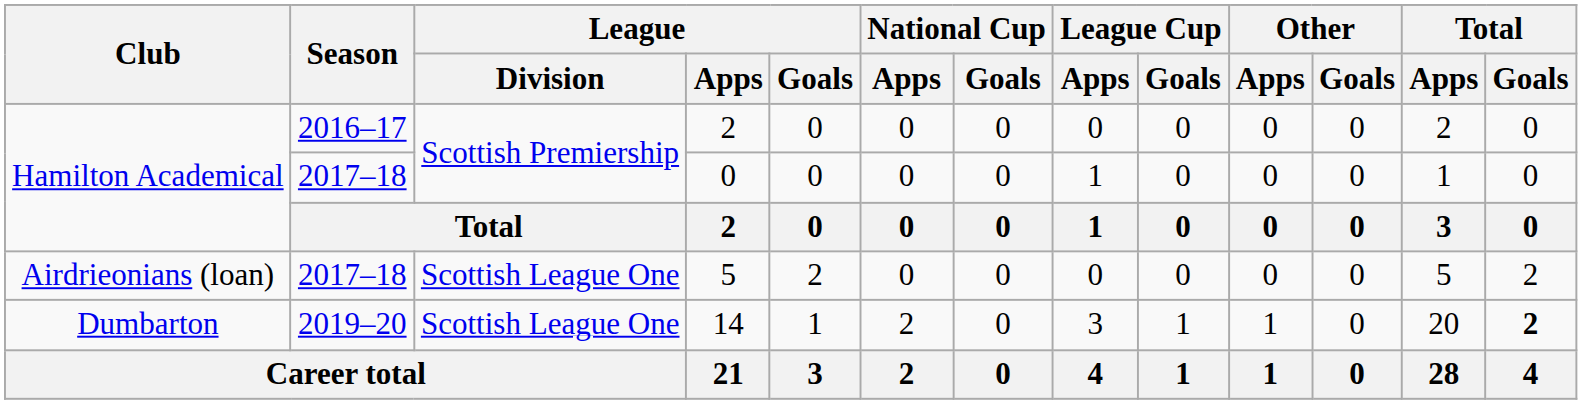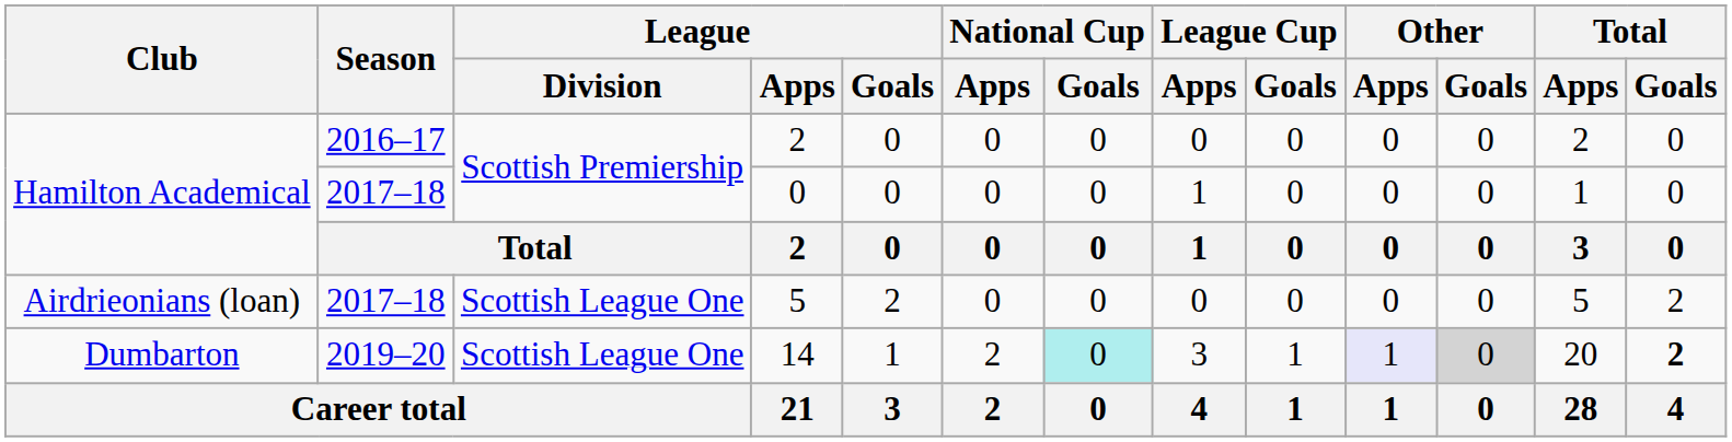 <table class="wikitable" style="text-align: center">
 <tr>
 <th rowspan="2">Club</th>
 <th rowspan="2">Season</th>
 <th colspan="3">League</th>
 <th colspan="2">National Cup</th>
 <th colspan="2">League Cup</th>
 <th colspan="2">Other</th>
 <th colspan="2">Total</th>
 </tr>
 <tr>
 <th>Division</th>
 <th>Apps</th>
 <th>Goals</th>
 <th>Apps</th>
 <th>Goals</th>
 <th>Apps</th>
 <th>Goals</th>
 <th>Apps</th>
 <th>Goals</th>
 <th>Apps</th>
 <th>Goals</th>
 </tr>
 <tr>
 <td rowspan="3"><a href='#'>Hamilton Academical</a></td>
 <td><a href='#'>2016–17</a></td>
 <td rowspan="2"><a href='#'>Scottish Premiership</a></td>
 <td>2</td>
 <td>0</td>
 <td>0</td>
 <td>0</td>
 <td>0</td>
 <td>0</td>
 <td>0</td>
 <td>0</td>
 <td>2</td>
 <td>0</td>
 </tr>
 <tr>
 <td><a href='#'>2017–18</a></td>
 <td>0</td>
 <td>0</td>
 <td>0</td>
 <td>0</td>
 <td>1</td>
 <td>0</td>
 <td>0</td>
 <td>0</td>
 <td>1</td>
 <td>0</td>
 </tr>
 <tr>
 <th colspan="2">Total</th>
 <th>2</th>
 <th>0</th>
 <th>0</th>
 <th>0</th>
 <th>1</th>
 <th>0</th>
 <th>0</th>
 <th>0</th>
 <th>3</th>
 <th>0</th>
 </tr>
 <tr>
 <td><a href='#'>Airdrieonians</a> (loan)</td>
 <td><a href='#'>2017–18</a></td>
 <td><a href='#'>Scottish League One</a></td>
 <td>5</td>
 <td>2</td>
 <td>0</td>
 <td>0</td>
 <td>0</td>
 <td>0</td>
 <td>0</td>
 <td>0</td>
 <td>5</td>
 <td>2</td>
 </tr>
 <tr>
 <td><a href='#'>Dumbarton</a></td>
 <td><a href='#'>2019–20</a></td>
 <td><a href='#'>Scottish League One</a></td>
 <td>14</td>
 <td>1</td>
 <td>2</td>
-<td>0</td>
+<td style="background: paleturquoise;">0</td>
 <td>3</td>
 <td>1</td>
-<td>1</td>
-<td>0</td>
+<td style="background: lavender;">1</td>
+<td style="background: lightgrey;">0</td>
 <td>20</td>
 <td><strong>2</strong></td>
 </tr>
 <tr>
 <th colspan="3">Career total</th>
 <th>21</th>
 <th>3</th>
 <th>2</th>
 <th>0</th>
 <th>4</th>
 <th>1</th>
 <th>1</th>
 <th>0</th>
 <th>28</th>
 <th>4</th>
 </tr>
 </table>
